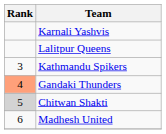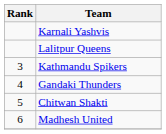 <table class="wikitable" style="white-space: nowrap;">
 <tr>
 <th width=20%>Rank</th>
 <th>Team</th>
 </tr>
 <tr>
 <td style="text-align:center;"></td>
 <td><a href='#'>Karnali Yashvis</a></td>
 </tr>
 <tr>
 <td style="text-align:center;"></td>
 <td><a href='#'>Lalitpur Queens</a></td>
 </tr>
 <tr>
 <td style="text-align:center;">3</td>
 <td><a href='#'>Kathmandu Spikers</a></td>
 </tr>
 <tr>
-<td style="background: lightsalmon; text-align:center;">4</td>
+<td style="text-align:center;">4</td>
 <td><a href='#'>Gandaki Thunders</a></td>
 </tr>
 <tr>
-<td style="background: lightgrey; text-align:center;">5</td>
+<td style="text-align:center;">5</td>
 <td><a href='#'>Chitwan Shakti</a></td>
 </tr>
 <tr>
 <td style="text-align:center;">6</td>
 <td><a href='#'>Madhesh United</a></td>
 </tr>
 <tr>
 </tr>
 </table>
